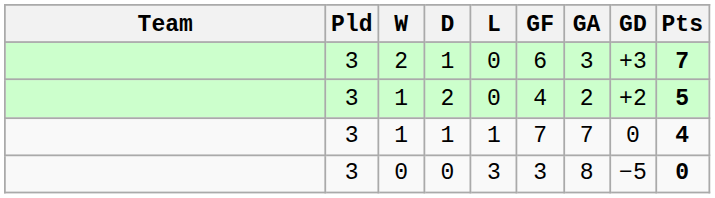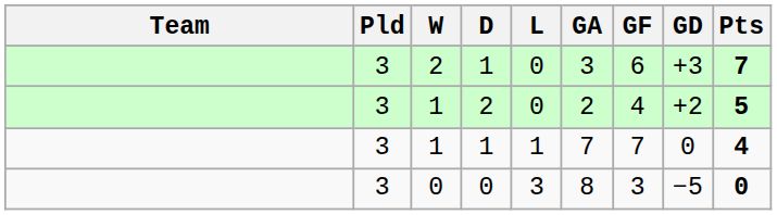 <table class="wikitable" style="text-align:center;">
 <tr>
 <th width=175>Team</th>
 <th width=20 abbr="Played">Pld</th>
 <th width=20 abbr="Won">W</th>
 <th width=20 abbr="Drawn">D</th>
 <th width=20 abbr="Lost">L</th>
+<th width=20 abbr="Goals against">GA</th>
 <th width=20 abbr="Goals for">GF</th>
-<th width=20 abbr="Goals against">GA</th>
 <th width=20 abbr="Goal difference">GD</th>
 <th width=20 abbr="Points">Pts</th>
 </tr>
 <tr bgcolor="#ccffcc">
 <td align="left"></td>
 <td>3</td>
 <td>2</td>
 <td>1</td>
 <td>0</td>
+<td>3</td>
 <td>6</td>
-<td>3</td>
 <td>+3</td>
 <td><strong>7</strong></td>
 </tr>
 <tr bgcolor="#ccffcc">
 <td align="left"></td>
 <td>3</td>
 <td>1</td>
 <td>2</td>
 <td>0</td>
+<td>2</td>
 <td>4</td>
-<td>2</td>
 <td>+2</td>
 <td><strong>5</strong></td>
 </tr>
 <tr bgcolor=>
 <td align="left"></td>
 <td>3</td>
 <td>1</td>
 <td>1</td>
 <td>1</td>
 <td>7</td>
 <td>7</td>
 <td>0</td>
 <td><strong>4</strong></td>
 </tr>
 <tr bgcolor=>
 <td align="left"></td>
 <td>3</td>
 <td>0</td>
 <td>0</td>
 <td>3</td>
+<td>8</td>
 <td>3</td>
-<td>8</td>
 <td>−5</td>
 <td><strong>0</strong></td>
 </tr>
 </table>
